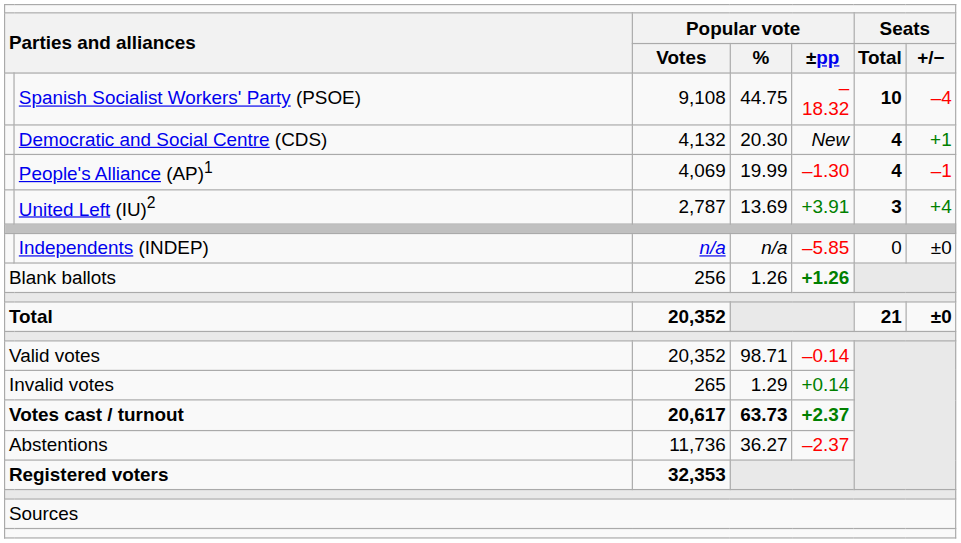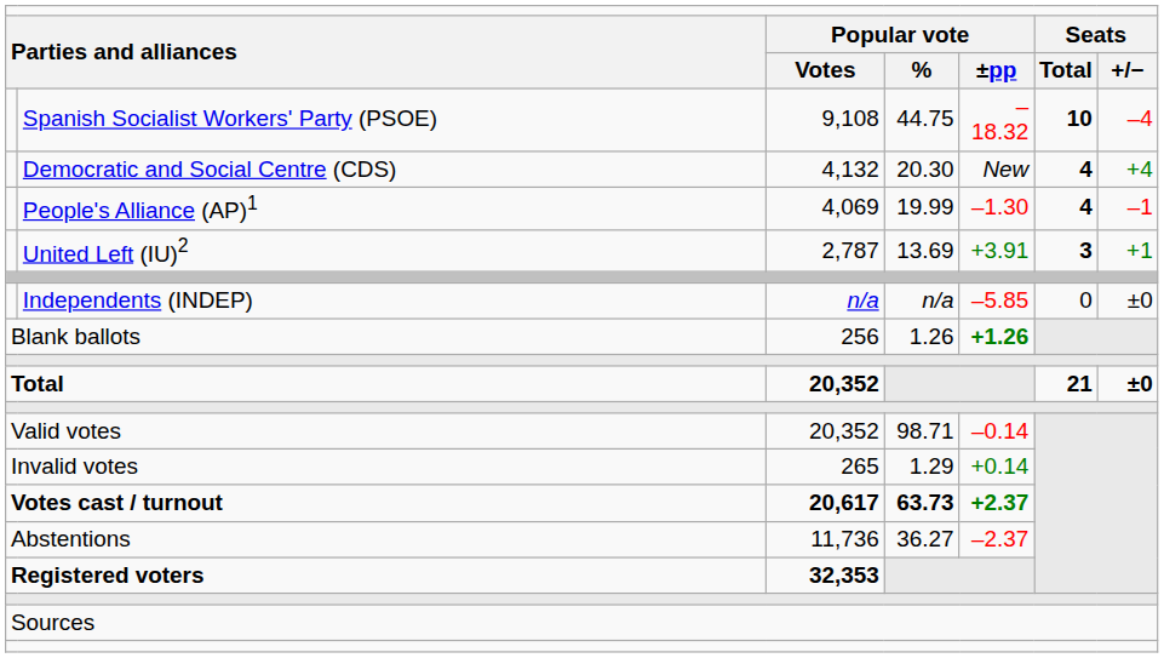 <table class="wikitable" style="text-align:right;">
 <tr>
 <td colspan="7"></td>
 </tr>
 <tr>
 <th style="text-align:left;" rowspan="2" colspan="2" width="525">Parties and alliances</th>
 <th colspan="3">Popular vote</th>
 <th colspan="2">Seats</th>
 </tr>
 <tr>
 <th width="75">Votes</th>
 <th width="45">%</th>
 <th width="45">±<a href='#'>pp</a></th>
 <th width="35">Total</th>
 <th width="35">+/−</th>
 </tr>
 <tr>
 <td width="1" style="color:inherit;background:"></td>
 <td align="left"><a href='#'>Spanish Socialist Workers' Party</a> (PSOE)</td>
 <td>9,108</td>
 <td>44.75</td>
 <td style="color:red;">–18.32</td>
 <td><strong>10</strong></td>
 <td style="color:red;">–4</td>
 </tr>
 <tr>
 <td style="color:inherit;background:"></td>
 <td align="left"><a href='#'>Democratic and Social Centre</a> (CDS)</td>
 <td>4,132</td>
 <td>20.30</td>
 <td><em>New</em></td>
 <td><strong>4</strong></td>
-<td style="color:green;">+1</td>
+<td style="color:green;">+4</td>
 </tr>
 <tr>
 <td style="color:inherit;background:"></td>
 <td align="left"><a href='#'>People's Alliance</a> (AP)<sup>1</sup></td>
 <td>4,069</td>
 <td>19.99</td>
 <td style="color:red;">–1.30</td>
 <td><strong>4</strong></td>
 <td style="color:red;">–1</td>
 </tr>
 <tr>
 <td style="color:inherit;background:"></td>
 <td align="left"><a href='#'>United Left</a> (IU)<sup>2</sup></td>
 <td>2,787</td>
 <td>13.69</td>
 <td style="color:green;">+3.91</td>
 <td><strong>3</strong></td>
-<td style="color:green;">+4</td>
+<td style="color:green;">+1</td>
 </tr>
 <tr>
 <td colspan="7" bgcolor="#C0C0C0"></td>
 </tr>
 <tr>
 <td style="color:inherit;background:"></td>
 <td align="left"><a href='#'>Independents</a> (INDEP)</td>
 <td><em><a href='#'>n/a</a></em></td>
 <td><em>n/a</em></td>
 <td style="color:red;">–5.85</td>
 <td>0</td>
 <td>±0</td>
 </tr>
 <tr>
 <td align="left" colspan="2">Blank ballots</td>
 <td>256</td>
 <td>1.26</td>
 <td style="color:green;"><strong>+1.26</strong></td>
 <td bgcolor="#E9E9E9" colspan="2"></td>
 </tr>
 <tr>
 <td colspan="7" bgcolor="#E9E9E9"></td>
 </tr>
 <tr style="font-weight:bold;">
 <td align="left" colspan="2">Total</td>
 <td>20,352</td>
 <td bgcolor="#E9E9E9" colspan="2"></td>
 <td>21</td>
 <td>±0</td>
 </tr>
 <tr>
 <td colspan="7" bgcolor="#E9E9E9"></td>
 </tr>
 <tr>
 <td align="left" colspan="2">Valid votes</td>
 <td>20,352</td>
 <td>98.71</td>
 <td style="color:red;">–0.14</td>
 <td bgcolor="#E9E9E9" colspan="2" rowspan="5"></td>
 </tr>
 <tr>
 <td align="left" colspan="2">Invalid votes</td>
 <td>265</td>
 <td>1.29</td>
 <td style="color:green;">+0.14</td>
 </tr>
 <tr style="font-weight:bold;">
 <td align="left" colspan="2">Votes cast / turnout</td>
 <td>20,617</td>
 <td>63.73</td>
 <td style="color:green;">+2.37</td>
 </tr>
 <tr>
 <td align="left" colspan="2">Abstentions</td>
 <td>11,736</td>
 <td>36.27</td>
 <td style="color:red;">–2.37</td>
 </tr>
 <tr style="font-weight:bold;">
 <td align="left" colspan="2">Registered voters</td>
 <td>32,353</td>
 <td bgcolor="#E9E9E9" colspan="2"></td>
 </tr>
 <tr>
 <td colspan="7" bgcolor="#E9E9E9"></td>
 </tr>
 <tr>
 <td align="left" colspan="7">Sources</td>
 </tr>
 <tr>
 <td colspan="7" style="text-align:left; max-width:790px;"></td>
 </tr>
 </table>
